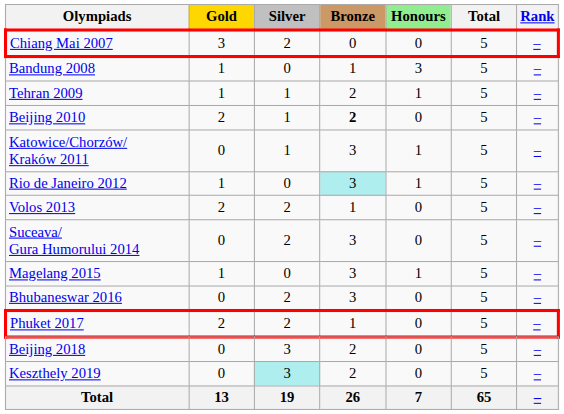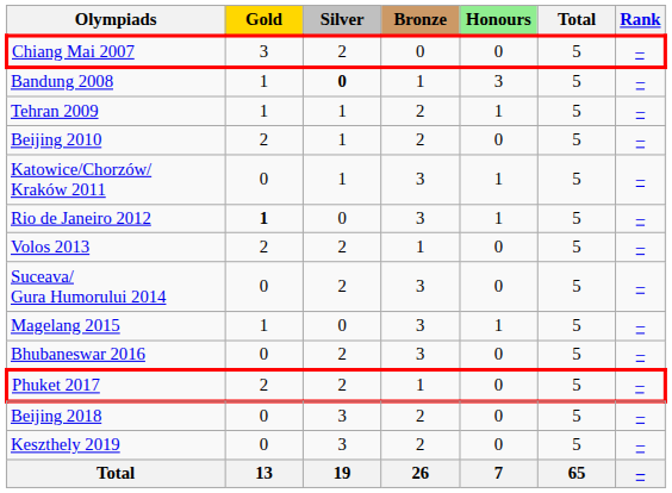 <table class="wikitable" style="text-align:center; font-size:90%;">
 <tr>
 <th style="width:12em;">Olympiads</th>
 <th style="width:4em; background:gold;">Gold</th>
 <th style="width:4em; background:silver;">Silver</th>
 <th style="width:4em; background:#cc9966;">Bronze</th>
 <th style="width:4em; background:#90EE90;">Honours</th>
 <th style="width:4em;">Total</th>
 <th style="width:2em;"><a href='#'>Rank</a></th>
 </tr>
 <tr style="border: 3px solid red">
 <td align=left> <a href='#'>Chiang Mai 2007</a></td>
 <td>3</td>
 <td>2</td>
 <td>0</td>
 <td>0</td>
 <td>5</td>
 <td><a href='#'>–</a></td>
 </tr>
 <tr>
 <td align=left> <a href='#'>Bandung 2008</a></td>
 <td>1</td>
-<td>0</td>
+<td><strong>0</strong></td>
 <td>1</td>
 <td>3</td>
 <td>5</td>
 <td><a href='#'>–</a></td>
 </tr>
 <tr>
 <td align=left> <a href='#'>Tehran 2009</a></td>
 <td>1</td>
 <td>1</td>
 <td>2</td>
 <td>1</td>
 <td>5</td>
 <td><a href='#'>–</a></td>
 </tr>
 <tr>
 <td align=left> <a href='#'>Beijing 2010</a></td>
 <td>2</td>
 <td>1</td>
-<td><strong>2</strong></td>
+<td>2</td>
 <td>0</td>
 <td>5</td>
 <td><a href='#'>–</a></td>
 </tr>
 <tr>
 <td align=left> <a href='#'>Katowice/Chorzów/<br>Kraków 2011</a></td>
 <td>0</td>
 <td>1</td>
 <td>3</td>
 <td>1</td>
 <td>5</td>
 <td><a href='#'>–</a></td>
 </tr>
 <tr>
 <td align=left> <a href='#'>Rio de Janeiro 2012</a></td>
-<td>1</td>
+<td><strong>1</strong></td>
 <td>0</td>
-<td style="background: paleturquoise;">3</td>
+<td>3</td>
 <td>1</td>
 <td>5</td>
 <td><a href='#'>–</a></td>
 </tr>
 <tr>
 <td align=left> <a href='#'>Volos 2013</a></td>
 <td>2</td>
 <td>2</td>
 <td>1</td>
 <td>0</td>
 <td>5</td>
 <td><a href='#'>–</a></td>
 </tr>
 <tr>
 <td align=left> <a href='#'>Suceava/<br>Gura Humorului 2014</a></td>
 <td>0</td>
 <td>2</td>
 <td>3</td>
 <td>0</td>
 <td>5</td>
 <td><a href='#'>–</a></td>
 </tr>
 <tr>
 <td align=left> <a href='#'>Magelang 2015</a></td>
 <td>1</td>
 <td>0</td>
 <td>3</td>
 <td>1</td>
 <td>5</td>
 <td><a href='#'>–</a></td>
 </tr>
 <tr>
 <td align=left> <a href='#'>Bhubaneswar 2016</a></td>
 <td>0</td>
 <td>2</td>
 <td>3</td>
 <td>0</td>
 <td>5</td>
 <td><a href='#'>–</a></td>
 </tr>
 <tr style="border: 3px solid red">
 <td align=left> <a href='#'>Phuket 2017</a></td>
 <td>2</td>
 <td>2</td>
 <td>1</td>
 <td>0</td>
 <td>5</td>
 <td><a href='#'>–</a></td>
 </tr>
 <tr>
 </tr>
 <tr>
 <td align=left> <a href='#'>Beijing 2018</a></td>
 <td>0</td>
 <td>3</td>
 <td>2</td>
 <td>0</td>
 <td>5</td>
 <td><a href='#'>–</a></td>
 </tr>
 <tr>
 <td align=left> <a href='#'>Keszthely 2019</a></td>
 <td>0</td>
-<td style="background: paleturquoise;">3</td>
+<td>3</td>
 <td>2</td>
 <td>0</td>
 <td>5</td>
 <td><a href='#'>–</a></td>
 </tr>
 <tr>
 <th colspan=1>Total</th>
 <th>13</th>
 <th>19</th>
 <th>26</th>
 <th>7</th>
 <th>65</th>
 <th><a href='#'>–</a></th>
 </tr>
 </table>
